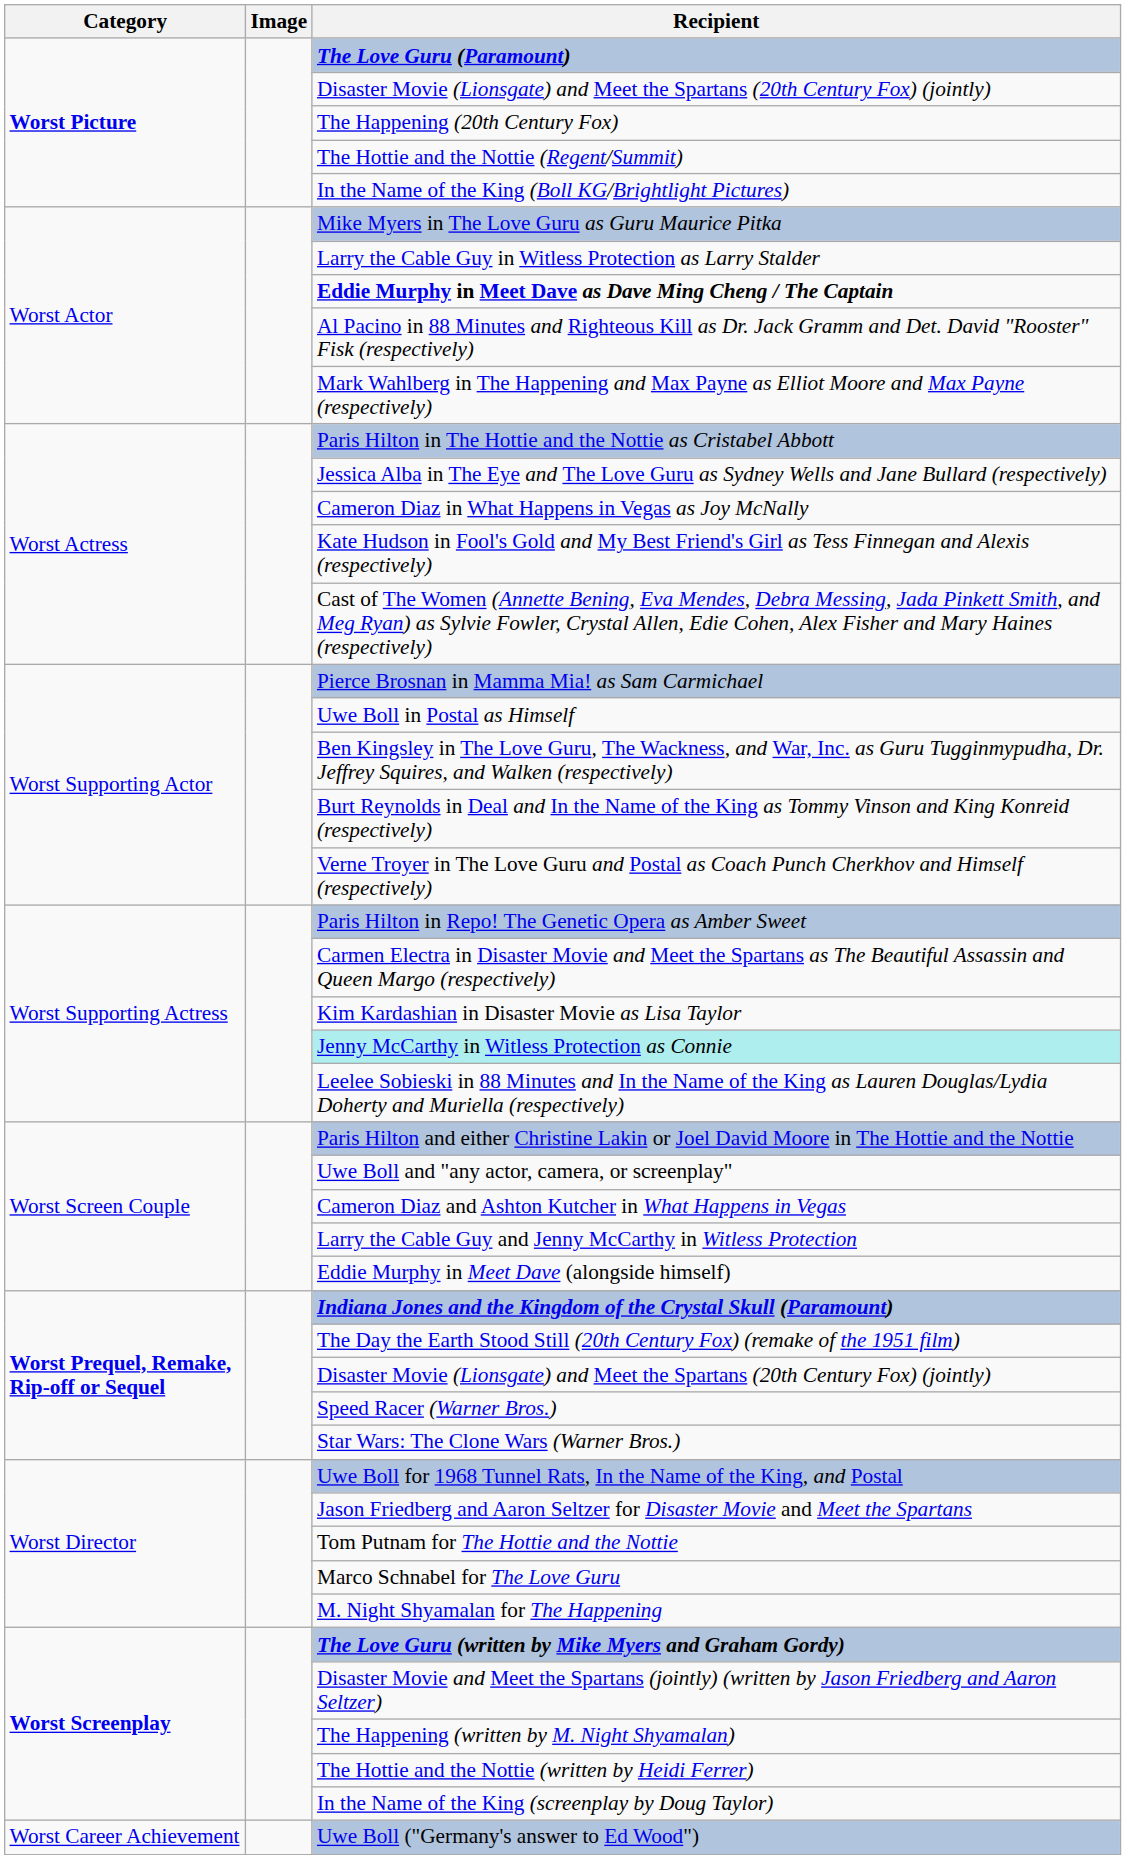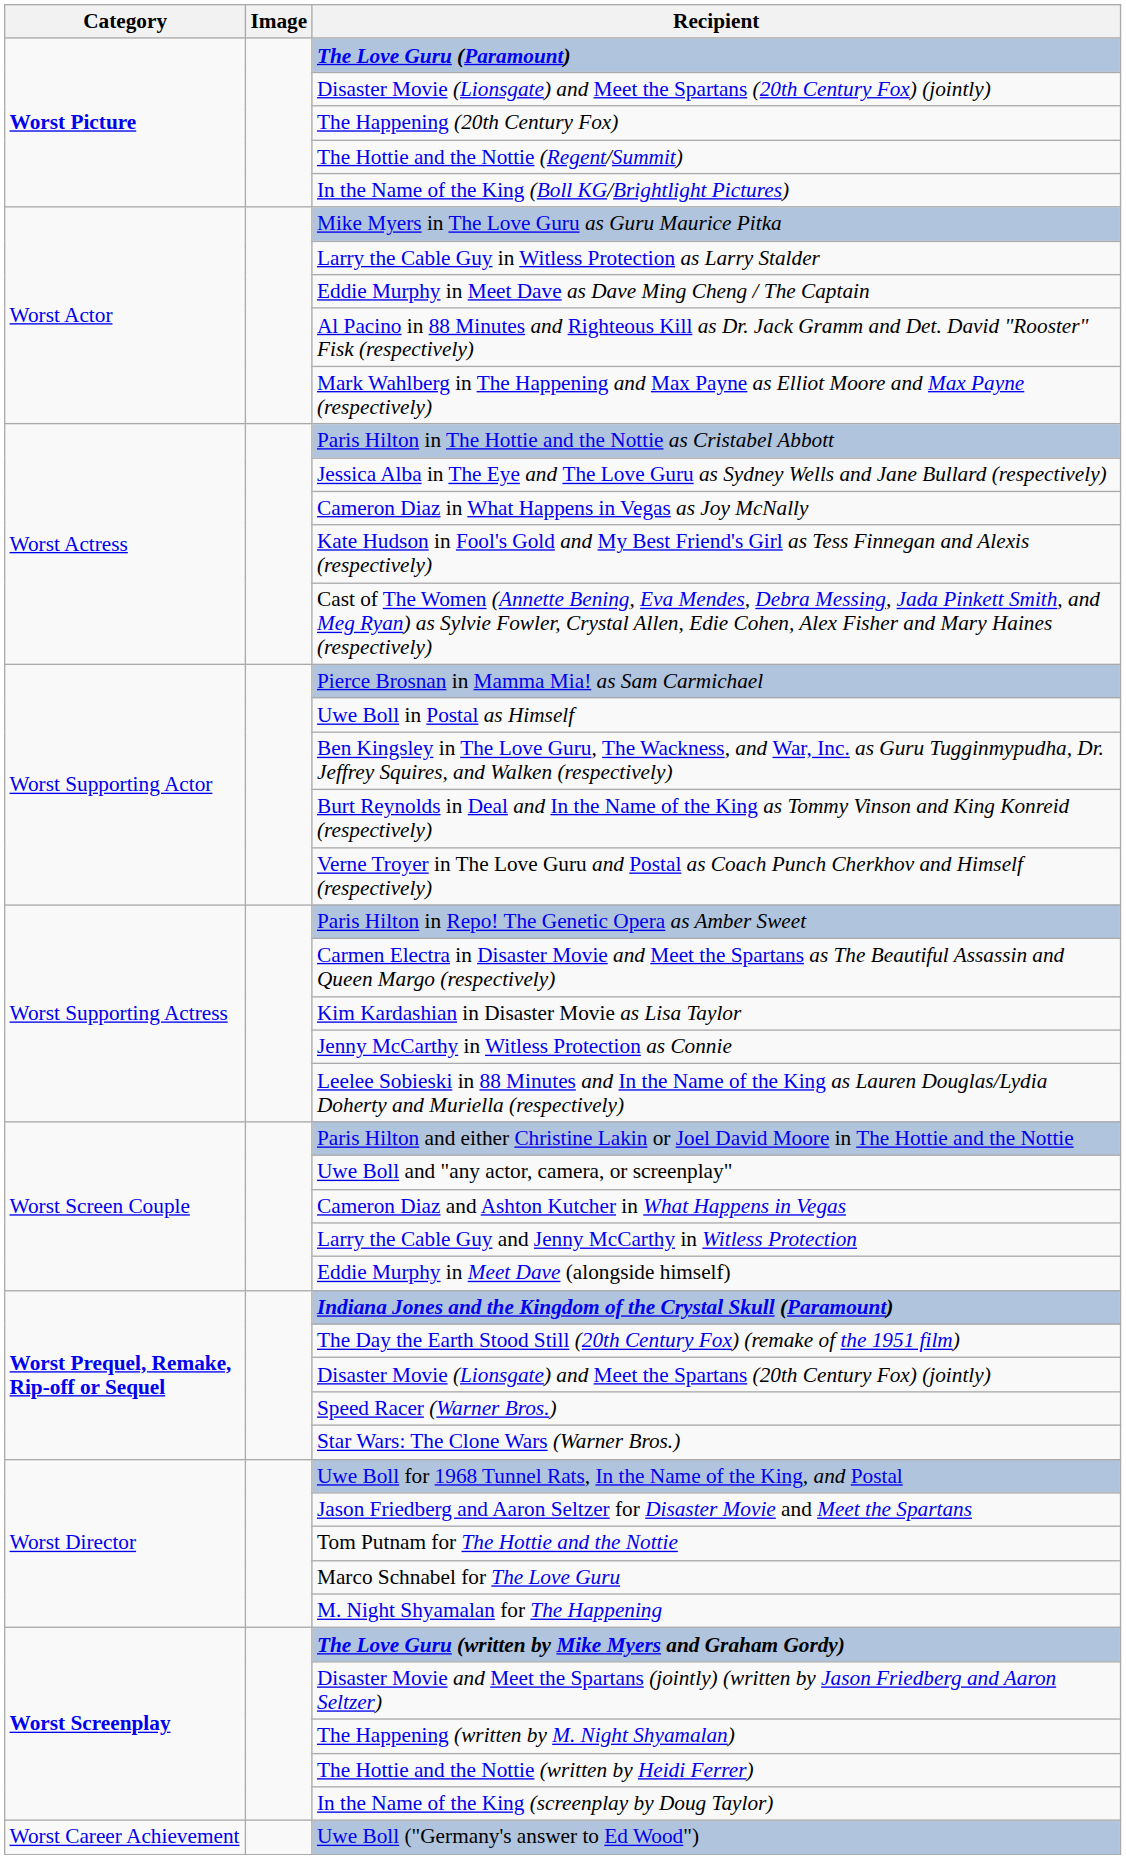 <table class="wikitable plainrowheaders" width="95%" border="1" cellpadding="5" cellspacing="0" align="centre">
 <tr>
 <th scope="col">Category</th>
 <th scope="col">Image</th>
 <th scope="col">Recipient</th>
 </tr>
 <tr>
 <td scope="row" rowspan=5><strong><a href='#'>Worst Picture</a></strong></td>
 <td rowspan=5></td>
 <td style="background:#B0C4DE"><strong><em><a href='#'>The Love Guru</a><em> (<a href='#'>Paramount</a>)<strong></td>
 </tr>
 <tr>
 <td></em><a href='#'>Disaster Movie</a><em> (<a href='#'>Lionsgate</a>) and </em><a href='#'>Meet the Spartans</a><em> (<a href='#'>20th Century Fox</a>) (jointly)</td>
 </tr>
 <tr>
 <td></em><a href='#'>The Happening</a><em> (20th Century Fox)</td>
 </tr>
 <tr>
 <td></em><a href='#'>The Hottie and the Nottie</a><em> (<a href='#'>Regent</a>/<a href='#'>Summit</a>)</td>
 </tr>
 <tr>
 <td></em><a href='#'>In the Name of the King</a><em> (<a href='#'>Boll KG</a>/<a href='#'>Brightlight Pictures</a>)</td>
 </tr>
 <tr>
 <td scope="row" rowspan=5></strong><a href='#'>Worst Actor</a><strong></td>
 <td rowspan=5></td>
 <td style="background:#B0C4DE"></strong><a href='#'>Mike Myers</a> in </em><a href='#'>The Love Guru</a><em> as Guru Maurice Pitka<strong></td>
 </tr>
 <tr>
 <td><a href='#'>Larry the Cable Guy</a> in </em><a href='#'>Witless Protection</a><em> as Larry Stalder</td>
 </tr>
 <tr>
-<td><strong><a href='#'>Eddie Murphy</a> in </em><a href='#'>Meet Dave</a><em> as Dave Ming Cheng / The Captain</strong></td>
+<td><a href='#'>Eddie Murphy</a> in </em><a href='#'>Meet Dave</a><em> as Dave Ming Cheng / The Captain</td>
 </tr>
 <tr>
 <td><a href='#'>Al Pacino</a> in </em><a href='#'>88 Minutes</a><em> and </em><a href='#'>Righteous Kill</a><em> as Dr. Jack Gramm and Det. David "Rooster" Fisk (respectively)</td>
 </tr>
 <tr>
 <td><a href='#'>Mark Wahlberg</a> in </em><a href='#'>The Happening</a><em> and </em><a href='#'>Max Payne</a><em> as Elliot Moore and <a href='#'>Max Payne</a> (respectively)</td>
 </tr>
 <tr>
 <td scope="row" rowspan=5></strong><a href='#'>Worst Actress</a><strong></td>
 <td rowspan=5></td>
 <td style="background:#B0C4DE"></strong><a href='#'>Paris Hilton</a> in </em><a href='#'>The Hottie and the Nottie</a><em> as Cristabel Abbott<strong></td>
 </tr>
 <tr>
 <td><a href='#'>Jessica Alba</a> in </em><a href='#'>The Eye</a><em> and </em><a href='#'>The Love Guru</a><em> as Sydney Wells and Jane Bullard (respectively)</td>
 </tr>
 <tr>
 <td><a href='#'>Cameron Diaz</a> in </em><a href='#'>What Happens in Vegas</a><em> as Joy McNally</td>
 </tr>
 <tr>
 <td><a href='#'>Kate Hudson</a> in </em><a href='#'>Fool's Gold</a><em> and </em><a href='#'>My Best Friend's Girl</a><em> as Tess Finnegan and Alexis (respectively)</td>
 </tr>
 <tr>
 <td>Cast of </em><a href='#'>The Women</a><em> (<a href='#'>Annette Bening</a>, <a href='#'>Eva Mendes</a>, <a href='#'>Debra Messing</a>, <a href='#'>Jada Pinkett Smith</a>, and <a href='#'>Meg Ryan</a>) as Sylvie Fowler, Crystal Allen, Edie Cohen, Alex Fisher and Mary Haines (respectively)</td>
 </tr>
 <tr>
 <td scope="row" rowspan=5></strong><a href='#'>Worst Supporting Actor</a><strong></td>
 <td rowspan=5></td>
 <td style="background:#B0C4DE"></strong><a href='#'>Pierce Brosnan</a> in </em><a href='#'>Mamma Mia!</a><em> as Sam Carmichael<strong></td>
 </tr>
 <tr>
 <td><a href='#'>Uwe Boll</a> in </em><a href='#'>Postal</a><em> as Himself</td>
 </tr>
 <tr>
 <td><a href='#'>Ben Kingsley</a> in </em><a href='#'>The Love Guru</a><em>, </em><a href='#'>The Wackness</a><em>, and </em><a href='#'>War, Inc.</a><em> as Guru Tugginmypudha, Dr. Jeffrey Squires, and Walken (respectively)</td>
 </tr>
 <tr>
 <td><a href='#'>Burt Reynolds</a> in </em><a href='#'>Deal</a><em> and </em><a href='#'>In the Name of the King</a><em> as Tommy Vinson and King Konreid (respectively)</td>
 </tr>
 <tr>
 <td><a href='#'>Verne Troyer</a> in </em>The Love Guru<em> and </em><a href='#'>Postal</a><em> as Coach Punch Cherkhov and Himself (respectively)</td>
 </tr>
 <tr>
 <td scope="row" rowspan=5></strong><a href='#'>Worst Supporting Actress</a><strong></td>
 <td rowspan=5></td>
 <td style="background:#B0C4DE"></strong><a href='#'>Paris Hilton</a> in </em><a href='#'>Repo! The Genetic Opera</a><em> as Amber Sweet<strong></td>
 </tr>
 <tr>
 <td><a href='#'>Carmen Electra</a> in </em><a href='#'>Disaster Movie</a><em> and </em><a href='#'>Meet the Spartans</a><em> as The Beautiful Assassin and Queen Margo (respectively)</td>
 </tr>
 <tr>
 <td><a href='#'>Kim Kardashian</a> in </em>Disaster Movie<em> as Lisa Taylor</td>
 </tr>
 <tr>
-<td style="background: paleturquoise;"><a href='#'>Jenny McCarthy</a> in </em><a href='#'>Witless Protection</a><em> as Connie</td>
+<td><a href='#'>Jenny McCarthy</a> in </em><a href='#'>Witless Protection</a><em> as Connie</td>
 </tr>
 <tr>
 <td><a href='#'>Leelee Sobieski</a> in </em><a href='#'>88 Minutes</a><em> and </em><a href='#'>In the Name of the King</a><em> as Lauren Douglas/Lydia Doherty and Muriella (respectively)</td>
 </tr>
 <tr>
 <td scope="row" rowspan=5></strong><a href='#'>Worst Screen Couple</a><strong></td>
 <td rowspan=5></td>
 <td style="background:#B0C4DE"></strong><a href='#'>Paris Hilton</a> and either <a href='#'>Christine Lakin</a> or <a href='#'>Joel David Moore</a> in </em><a href='#'>The Hottie and the Nottie</a></em></strong></td>
 </tr>
 <tr>
 <td><a href='#'>Uwe Boll</a> and "any actor, camera, or screenplay"</td>
 </tr>
 <tr>
 <td><a href='#'>Cameron Diaz</a> and <a href='#'>Ashton Kutcher</a> in <em><a href='#'>What Happens in Vegas</a></em></td>
 </tr>
 <tr>
 <td><a href='#'>Larry the Cable Guy</a> and <a href='#'>Jenny McCarthy</a> in <em><a href='#'>Witless Protection</a></em></td>
 </tr>
 <tr>
 <td><a href='#'>Eddie Murphy</a> in <em><a href='#'>Meet Dave</a></em> (alongside himself)</td>
 </tr>
 <tr>
 <td scope="row" rowspan=5><strong><a href='#'>Worst Prequel, Remake, Rip-off or Sequel</a></strong></td>
 <td rowspan=5></td>
 <td style="background:#B0C4DE"><strong><em><a href='#'>Indiana Jones and the Kingdom of the Crystal Skull</a><em> (<a href='#'>Paramount</a>)<strong></td>
 </tr>
 <tr>
 <td></em><a href='#'>The Day the Earth Stood Still</a><em> (<a href='#'>20th Century Fox</a>) (remake of <a href='#'>the 1951 film</a>)</td>
 </tr>
 <tr>
 <td></em><a href='#'>Disaster Movie</a><em> (<a href='#'>Lionsgate</a>) and </em><a href='#'>Meet the Spartans</a><em> (20th Century Fox) (jointly)</td>
 </tr>
 <tr>
 <td></em><a href='#'>Speed Racer</a><em> (<a href='#'>Warner Bros.</a>)</td>
 </tr>
 <tr>
 <td></em><a href='#'>Star Wars: The Clone Wars</a><em> (Warner Bros.)</td>
 </tr>
 <tr>
 <td scope="row" rowspan=5></strong><a href='#'>Worst Director</a><strong></td>
 <td rowspan=5></td>
 <td style="background:#B0C4DE"></strong><a href='#'>Uwe Boll</a> for </em><a href='#'>1968 Tunnel Rats</a><em>, </em><a href='#'>In the Name of the King</a><em>, and </em><a href='#'>Postal</a></em></strong></td>
 </tr>
 <tr>
 <td><a href='#'>Jason Friedberg and Aaron Seltzer</a> for <em><a href='#'>Disaster Movie</a></em> and <em><a href='#'>Meet the Spartans</a></em></td>
 </tr>
 <tr>
 <td>Tom Putnam for <em><a href='#'>The Hottie and the Nottie</a></em></td>
 </tr>
 <tr>
 <td>Marco Schnabel for <em><a href='#'>The Love Guru</a></em></td>
 </tr>
 <tr>
 <td><a href='#'>M. Night Shyamalan</a> for <em><a href='#'>The Happening</a></em></td>
 </tr>
 <tr>
 <td scope="row" rowspan=5><strong><a href='#'>Worst Screenplay</a></strong></td>
 <td rowspan=5></td>
 <td style="background:#B0C4DE"><strong><em><a href='#'>The Love Guru</a><em> (written by <a href='#'>Mike Myers</a> and Graham Gordy)<strong></td>
 </tr>
 <tr>
 <td></em><a href='#'>Disaster Movie</a><em> and </em><a href='#'>Meet the Spartans</a><em> (jointly) (written by <a href='#'>Jason Friedberg and Aaron Seltzer</a>)</td>
 </tr>
 <tr>
 <td></em><a href='#'>The Happening</a><em> (written by <a href='#'>M. Night Shyamalan</a>)</td>
 </tr>
 <tr>
 <td></em><a href='#'>The Hottie and the Nottie</a><em> (written by <a href='#'>Heidi Ferrer</a>)</td>
 </tr>
 <tr>
 <td></em><a href='#'>In the Name of the King</a><em> (screenplay by Doug Taylor)</td>
 </tr>
 <tr>
 <td scope="row"></strong><a href='#'>Worst Career Achievement</a><strong></td>
 <td></td>
 <td style="background:#B0C4DE"></strong><a href='#'>Uwe Boll</a> ("Germany's answer to <a href='#'>Ed Wood</a>")<strong></td>
 </tr>
 </table>
